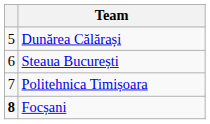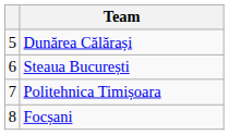 <table class="wikitable sortable" style="text-align:center">
 <tr>
 <th></th>
 <th width="200">Team</th>
 </tr>
 <tr>
 <td>5</td>
 <td align=left><a href='#'>Dunărea Călărași</a></td>
 </tr>
 <tr>
 <td>6</td>
 <td align=left><a href='#'>Steaua București</a></td>
 </tr>
 <tr>
 <td>7</td>
 <td align=left><a href='#'>Politehnica Timișoara</a></td>
 </tr>
 <tr>
-<td><strong>8</strong></td>
+<td>8</td>
 <td align=left><a href='#'>Focșani</a></td>
 </tr>
 </table>
